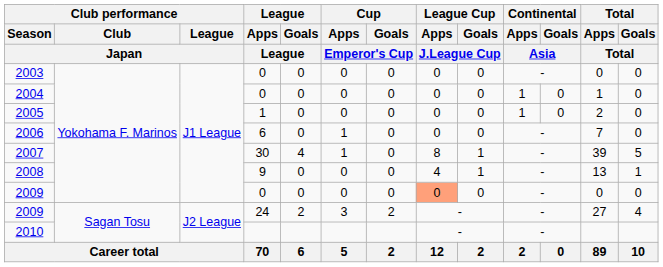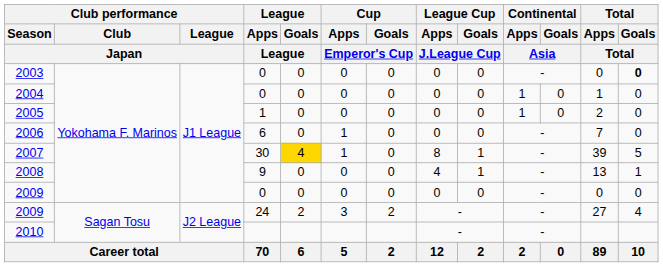 <table class="wikitable" style="text-align:center">
 <tr>
 <th colspan=3>Club performance</th>
 <th colspan=2>League</th>
 <th colspan=2>Cup</th>
 <th colspan=2>League Cup</th>
 <th colspan=2>Continental</th>
 <th colspan=2>Total</th>
 </tr>
 <tr>
 <th>Season</th>
 <th>Club</th>
 <th>League</th>
 <th>Apps</th>
 <th>Goals</th>
 <th>Apps</th>
 <th>Goals</th>
 <th>Apps</th>
 <th>Goals</th>
 <th>Apps</th>
 <th>Goals</th>
 <th>Apps</th>
 <th>Goals</th>
 </tr>
 <tr>
 <th colspan=3>Japan</th>
 <th colspan=2>League</th>
 <th colspan=2><a href='#'>Emperor's Cup</a></th>
 <th colspan=2><a href='#'>J.League Cup</a></th>
 <th colspan=2><a href='#'>Asia</a></th>
 <th colspan=2>Total</th>
 </tr>
 <tr>
 <td><a href='#'>2003</a></td>
 <td rowspan="7"><a href='#'>Yokohama F. Marinos</a></td>
 <td rowspan="7"><a href='#'>J1 League</a></td>
 <td>0</td>
 <td>0</td>
 <td>0</td>
 <td>0</td>
 <td>0</td>
 <td>0</td>
 <td colspan="2">-</td>
 <td>0</td>
-<td>0</td>
+<td><strong>0</strong></td>
 </tr>
 <tr>
 <td><a href='#'>2004</a></td>
 <td>0</td>
 <td>0</td>
 <td>0</td>
 <td>0</td>
 <td>0</td>
 <td>0</td>
 <td>1</td>
 <td>0</td>
 <td>1</td>
 <td>0</td>
 </tr>
 <tr>
 <td><a href='#'>2005</a></td>
 <td>1</td>
 <td>0</td>
 <td>0</td>
 <td>0</td>
 <td>0</td>
 <td>0</td>
 <td>1</td>
 <td>0</td>
 <td>2</td>
 <td>0</td>
 </tr>
 <tr>
 <td><a href='#'>2006</a></td>
 <td>6</td>
 <td>0</td>
 <td>1</td>
 <td>0</td>
 <td>0</td>
 <td>0</td>
 <td colspan="2">-</td>
 <td>7</td>
 <td>0</td>
 </tr>
 <tr>
 <td><a href='#'>2007</a></td>
 <td>30</td>
-<td>4</td>
+<td style="background: gold;">4</td>
 <td>1</td>
 <td>0</td>
 <td>8</td>
 <td>1</td>
 <td colspan="2">-</td>
 <td>39</td>
 <td>5</td>
 </tr>
 <tr>
 <td><a href='#'>2008</a></td>
 <td>9</td>
 <td>0</td>
 <td>0</td>
 <td>0</td>
 <td>4</td>
 <td>1</td>
 <td colspan="2">-</td>
 <td>13</td>
 <td>1</td>
 </tr>
 <tr>
 <td><a href='#'>2009</a></td>
 <td>0</td>
 <td>0</td>
 <td>0</td>
 <td>0</td>
-<td style="background: lightsalmon;">0</td>
+<td>0</td>
 <td>0</td>
 <td colspan="2">-</td>
 <td>0</td>
 <td>0</td>
 </tr>
 <tr>
 <td><a href='#'>2009</a></td>
 <td rowspan="2"><a href='#'>Sagan Tosu</a></td>
 <td rowspan="2"><a href='#'>J2 League</a></td>
 <td>24</td>
 <td>2</td>
 <td>3</td>
 <td>2</td>
 <td colspan="2">-</td>
 <td colspan="2">-</td>
 <td>27</td>
 <td>4</td>
 </tr>
 <tr>
 <td><a href='#'>2010</a></td>
 <td></td>
 <td></td>
 <td></td>
 <td></td>
 <td colspan="2">-</td>
 <td colspan="2">-</td>
 <td></td>
 <td></td>
 </tr>
 <tr>
 <th colspan=3>Career total</th>
 <th>70</th>
 <th>6</th>
 <th>5</th>
 <th>2</th>
 <th>12</th>
 <th>2</th>
 <th>2</th>
 <th>0</th>
 <th>89</th>
 <th>10</th>
 </tr>
 </table>
